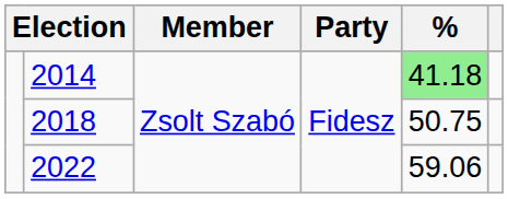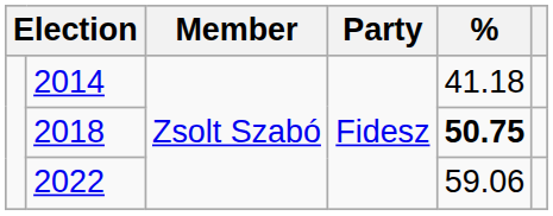 <table class=wikitable>
 <tr>
 <th colspan=2>Election</th>
 <th>Member</th>
 <th>Party</th>
 <th>%</th>
 <th></th>
 </tr>
 <tr>
 <td rowspan=3 bgcolor=></td>
 <td><a href='#'>2014</a></td>
 <td rowspan=3><a href='#'>Zsolt Szabó</a></td>
 <td rowspan=3><a href='#'>Fidesz</a></td>
-<td align=right style="background: lightgreen;">41.18</td>
+<td align=right>41.18</td>
 <td align=center></td>
 </tr>
 <tr>
 <td><a href='#'>2018</a></td>
-<td align=right>50.75</td>
+<td align=right><strong>50.75</strong></td>
 <td align=center></td>
 </tr>
 <tr>
 <td><a href='#'>2022</a></td>
 <td align=right>59.06</td>
 <td align=center></td>
 </tr>
 </table>
